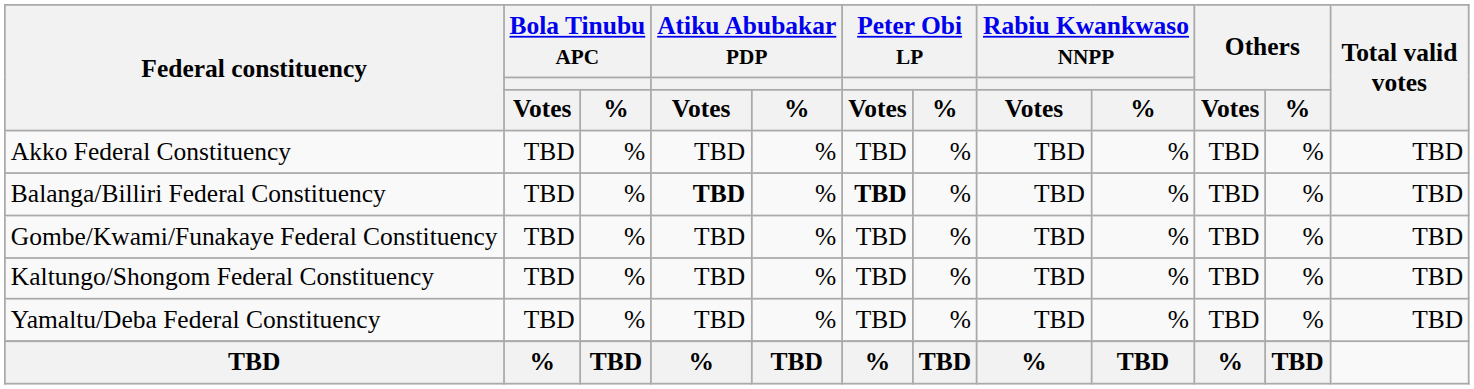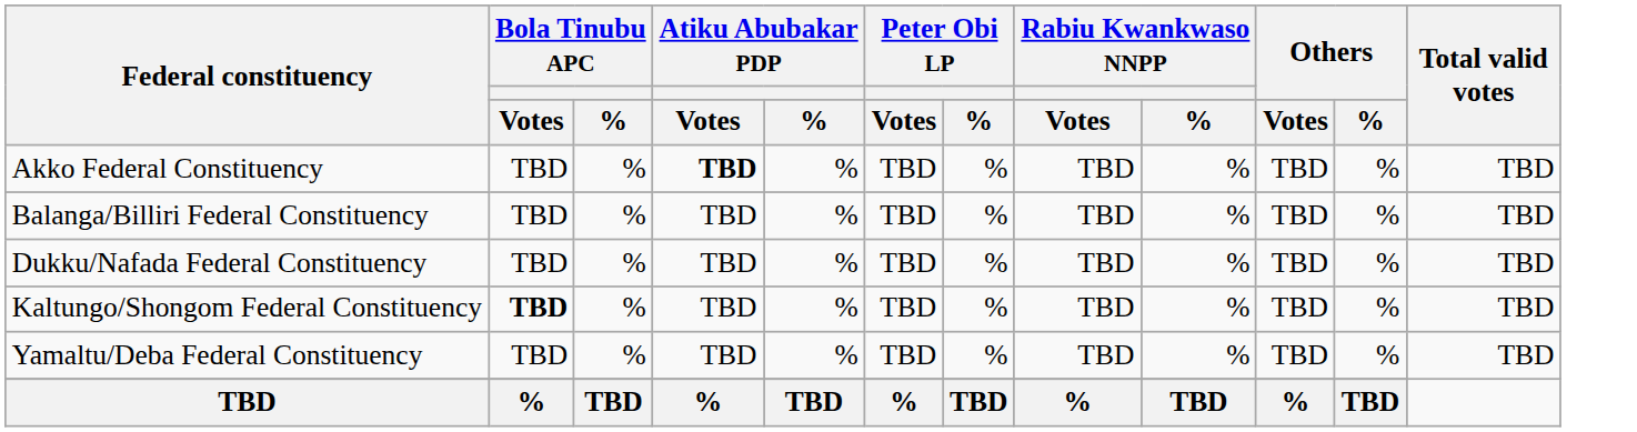 <table class="wikitable sortable" style="text-align:right; font-size:90%">
 <tr>
 <th rowspan="3" style="max-width:7.5em;">Federal constituency</th>
 <th colspan="2"><a href='#'>Bola Tinubu</a><br><small>APC</small></th>
 <th colspan="2"><a href='#'>Atiku Abubakar</a><br><small>PDP</small></th>
 <th colspan="2"><a href='#'>Peter Obi</a><br><small>LP</small></th>
 <th colspan="2"><a href='#'>Rabiu Kwankwaso</a><br><small>NNPP</small></th>
 <th colspan="2" rowspan="2">Others</th>
 <th rowspan="3" style="max-width:5em;">Total valid votes</th>
 </tr>
 <tr>
 <th colspan=2 style="background-color:"></th>
 <th colspan=2 style="background-color:"></th>
 <th colspan=2 style="background-color:"></th>
 <th colspan=2 style="background-color:"></th>
 </tr>
 <tr>
 <th>Votes</th>
 <th>%</th>
 <th>Votes</th>
 <th>%</th>
 <th>Votes</th>
 <th>%</th>
 <th>Votes</th>
 <th>%</th>
 <th>Votes</th>
 <th>%</th>
 </tr>
 <tr style="background-color:#">
 <td style="text-align:left;">Akko Federal Constituency</td>
 <td>TBD</td>
 <td>%</td>
-<td>TBD</td>
+<td><strong>TBD</strong></td>
 <td>%</td>
 <td>TBD</td>
 <td>%</td>
 <td>TBD</td>
 <td>%</td>
 <td>TBD</td>
 <td>%</td>
 <td>TBD</td>
 </tr>
 <tr style="background-color:#">
 <td style="text-align:left;">Balanga/Billiri Federal Constituency</td>
 <td>TBD</td>
 <td>%</td>
-<td><strong>TBD</strong></td>
+<td>TBD</td>
 <td>%</td>
-<td><strong>TBD</strong></td>
+<td>TBD</td>
 <td>%</td>
 <td>TBD</td>
 <td>%</td>
 <td>TBD</td>
 <td>%</td>
 <td>TBD</td>
 </tr>
 <tr style="background-color:#">
-<td style="text-align:left;">Gombe/Kwami/Funakaye Federal Constituency</td>
+<td style="text-align:left;">Dukku/Nafada Federal Constituency</td>
 <td>TBD</td>
 <td>%</td>
 <td>TBD</td>
 <td>%</td>
 <td>TBD</td>
 <td>%</td>
 <td>TBD</td>
 <td>%</td>
 <td>TBD</td>
 <td>%</td>
 <td>TBD</td>
 </tr>
 <tr style="background-color:#">
 <td style="text-align:left;">Kaltungo/Shongom Federal Constituency</td>
-<td>TBD</td>
+<td><strong>TBD</strong></td>
 <td>%</td>
 <td>TBD</td>
 <td>%</td>
 <td>TBD</td>
 <td>%</td>
 <td>TBD</td>
 <td>%</td>
 <td>TBD</td>
 <td>%</td>
 <td>TBD</td>
 </tr>
 <tr style="background-color:#">
 <td style="text-align:left;">Yamaltu/Deba Federal Constituency</td>
 <td>TBD</td>
 <td>%</td>
 <td>TBD</td>
 <td>%</td>
 <td>TBD</td>
 <td>%</td>
 <td>TBD</td>
 <td>%</td>
 <td>TBD</td>
 <td>%</td>
 <td>TBD</td>
 </tr>
 <tr>
 </tr>
 <tr>
 <th>TBD</th>
 <th>%</th>
 <th>TBD</th>
 <th>%</th>
 <th>TBD</th>
 <th>%</th>
 <th>TBD</th>
 <th>%</th>
 <th>TBD</th>
 <th>%</th>
 <th>TBD</th>
 </tr>
 </table>
